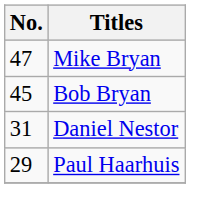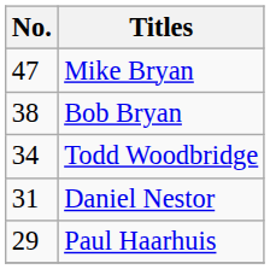 <table class="wikitable" style="display: inline-table;">
 <tr>
 <th width=20>No.</th>
 <th>Titles</th>
 </tr>
 <tr>
 <td>47</td>
 <td> <a href='#'>Mike Bryan</a></td>
 </tr>
 <tr>
-<td>45</td>
+<td>38</td>
 <td> <a href='#'>Bob Bryan</a></td>
+</tr>
+<tr>
+<td>34</td>
+<td> <a href='#'>Todd Woodbridge</a></td>
 </tr>
 <tr>
 <td>31</td>
 <td> <a href='#'>Daniel Nestor</a></td>
 </tr>
 <tr>
 <td>29</td>
 <td> <a href='#'>Paul Haarhuis</a></td>
 </tr>
 <tr>
 </tr>
 </table>
